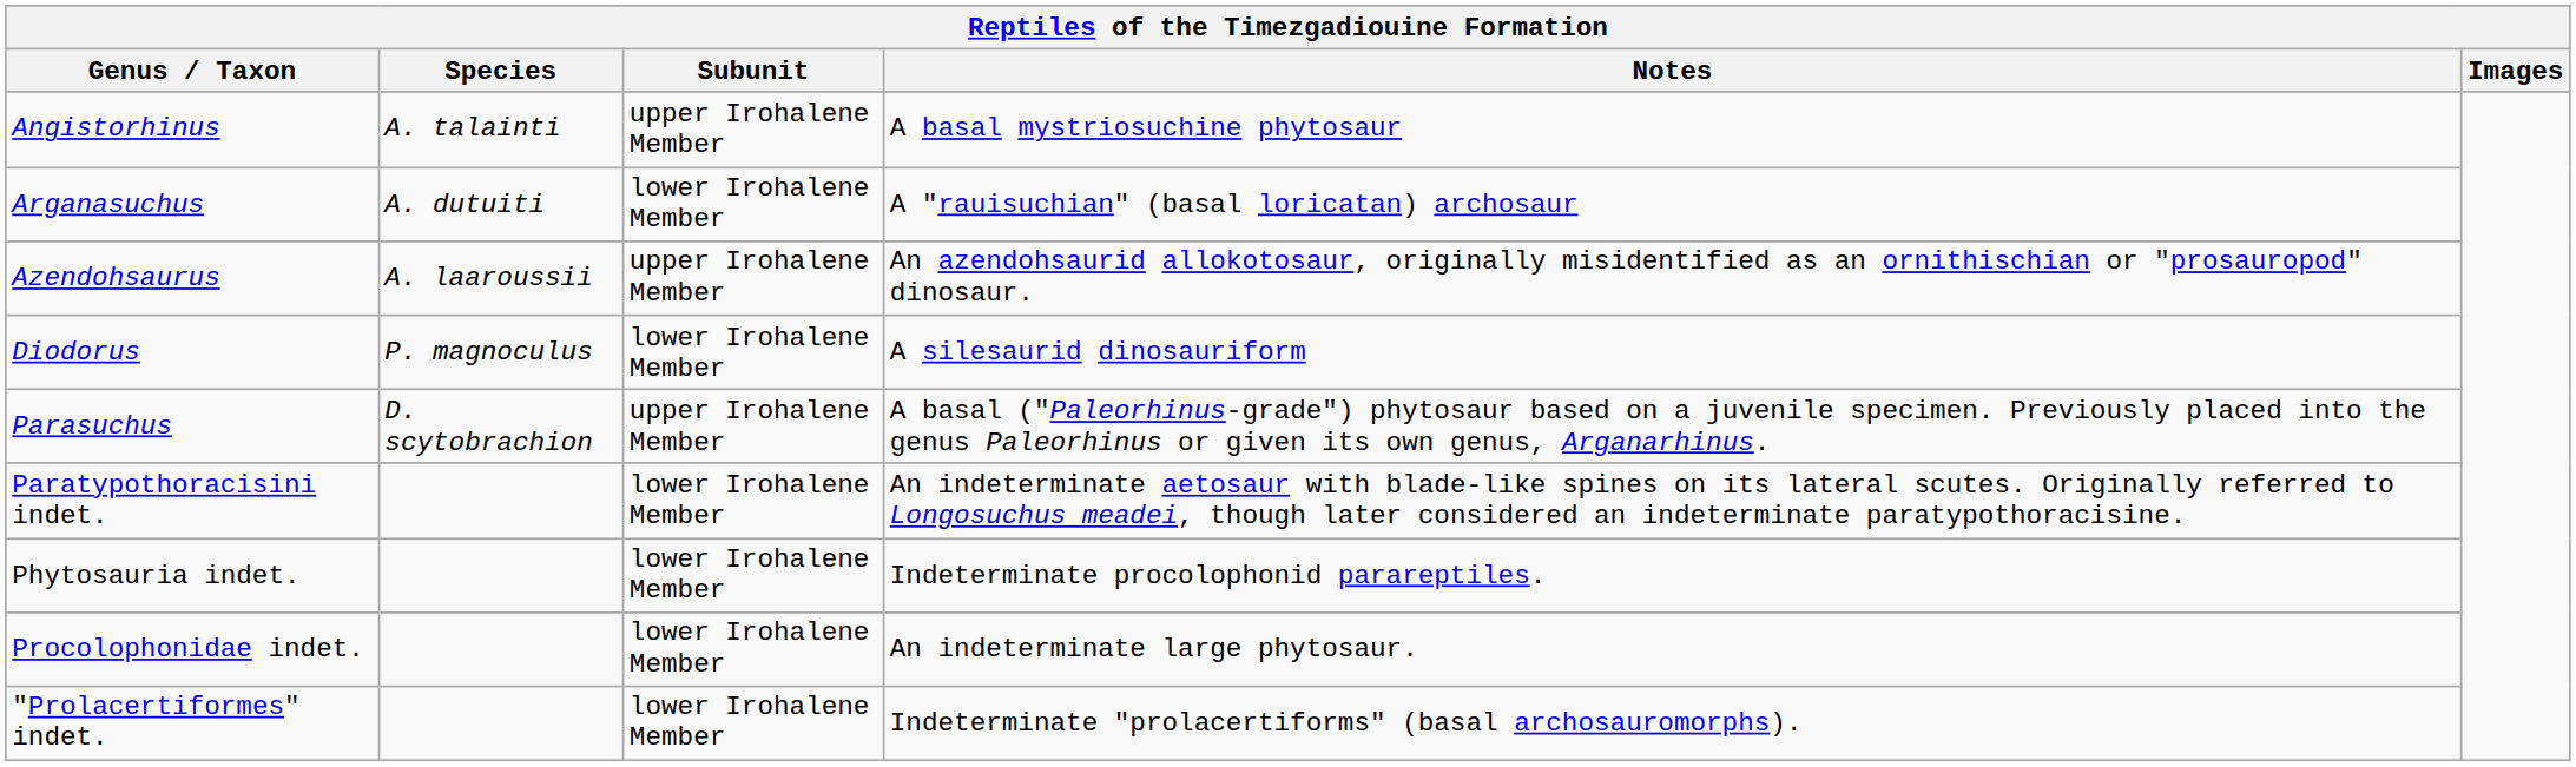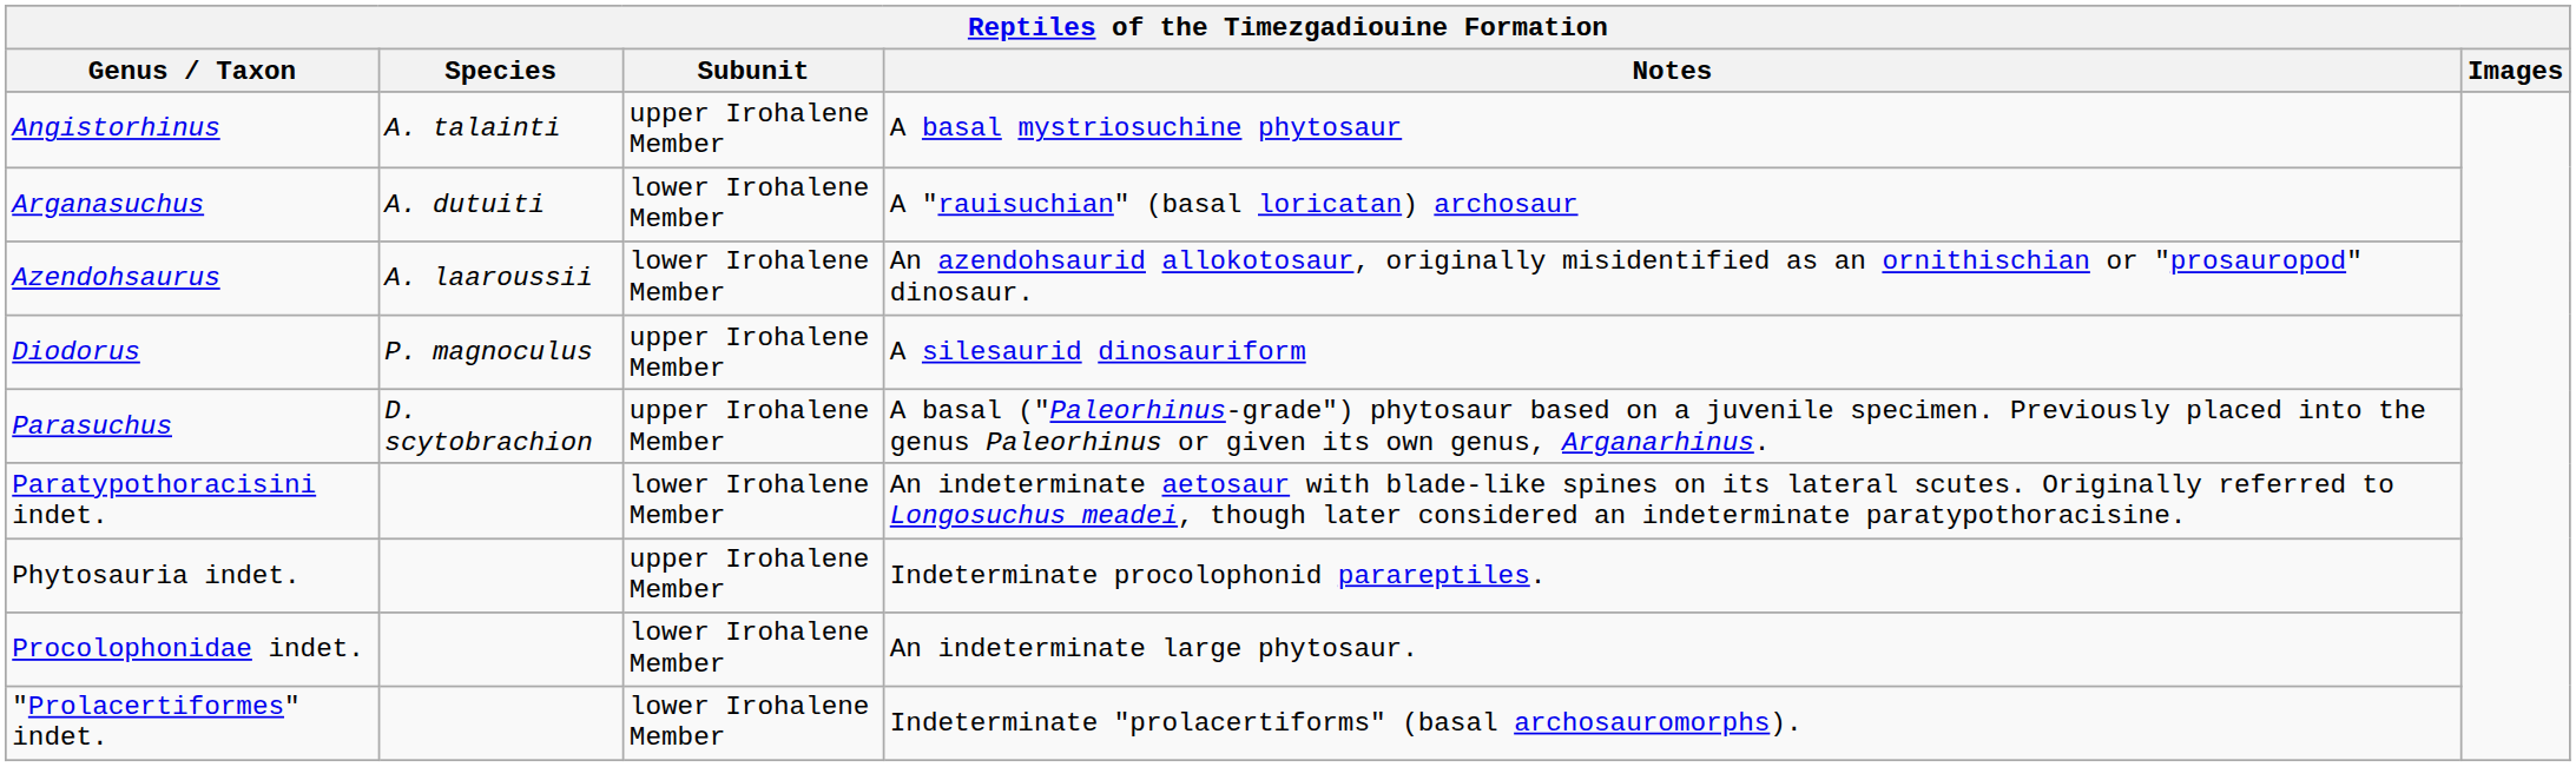 <table class="wikitable" align="center">
 <tr>
 <th colspan="5" align="center"><strong><a href='#'>Reptiles</a> of the Timezgadiouine Formation</strong></th>
 </tr>
 <tr>
 <th>Genus / Taxon</th>
 <th>Species</th>
 <th>Subunit</th>
 <th>Notes</th>
 <th>Images</th>
 </tr>
 <tr>
 <td><em><a href='#'>Angistorhinus</a></em></td>
 <td><em>A. talainti</em></td>
 <td>upper Irohalene Member</td>
 <td>A <a href='#'>basal</a> <a href='#'>mystriosuchine</a> <a href='#'>phytosaur</a></td>
 <td rowspan="142"><br> </td>
 </tr>
 <tr>
 <td><em><a href='#'>Arganasuchus</a></em></td>
 <td><em>A. dutuiti</em></td>
 <td>lower Irohalene Member</td>
 <td>A "<a href='#'>rauisuchian</a>" (basal <a href='#'>loricatan</a>) <a href='#'>archosaur</a></td>
 </tr>
 <tr>
 <td><em><a href='#'>Azendohsaurus</a></em></td>
 <td><em>A. laaroussii</em></td>
-<td>upper Irohalene Member</td>
+<td>lower Irohalene Member</td>
 <td>An <a href='#'>azendohsaurid</a> <a href='#'>allokotosaur</a>, originally misidentified as an <a href='#'>ornithischian</a> or "<a href='#'>prosauropod</a>" dinosaur.</td>
 </tr>
 <tr>
 <td><em><a href='#'>Diodorus</a></em></td>
 <td><em>P. magnoculus</em></td>
-<td>lower Irohalene Member</td>
+<td>upper Irohalene Member</td>
 <td>A <a href='#'>silesaurid</a> <a href='#'>dinosauriform</a></td>
 </tr>
 <tr>
 <td><em><a href='#'>Parasuchus</a></em></td>
 <td><em>D. scytobrachion</em></td>
 <td>upper Irohalene Member</td>
 <td>A basal ("<em><a href='#'>Paleorhinus</a></em>-grade") phytosaur based on a juvenile specimen. Previously placed into the genus <em>Paleorhinus</em> or given its own genus, <em><a href='#'>Arganarhinus</a></em>.</td>
 </tr>
 <tr>
 <td><a href='#'>Paratypothoracisini</a> indet.</td>
 <td></td>
 <td>lower Irohalene Member</td>
 <td>An indeterminate <a href='#'>aetosaur</a> with blade-like spines on its lateral scutes. Originally referred to <em><a href='#'>Longosuchus meadei</a></em>, though later considered an indeterminate paratypothoracisine.</td>
 </tr>
 <tr>
 <td>Phytosauria indet.</td>
 <td></td>
-<td>lower Irohalene Member</td>
+<td>upper Irohalene Member</td>
 <td>Indeterminate procolophonid <a href='#'>parareptiles</a>.</td>
 </tr>
 <tr>
 <td><a href='#'>Procolophonidae</a> indet.</td>
 <td></td>
 <td>lower Irohalene Member</td>
 <td>An indeterminate large phytosaur.</td>
 </tr>
 <tr>
 <td>"<a href='#'>Prolacertiformes</a>" indet.</td>
 <td></td>
 <td>lower Irohalene Member</td>
 <td>Indeterminate "prolacertiforms" (basal <a href='#'>archosauromorphs</a>).</td>
 </tr>
 </table>
